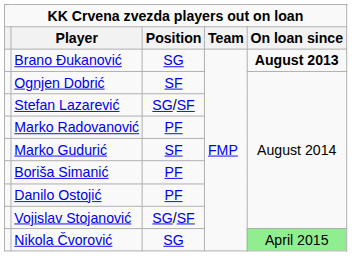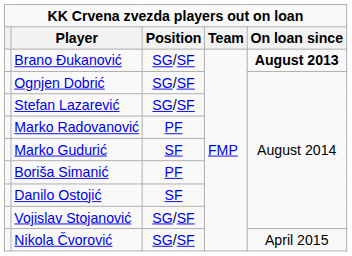 <table class="wikitable sortable" style="font-size: 95%; text-align:center;">
 <tr>
 <td colspan=6><strong>KK Crvena zvezda players out on loan</strong></td>
 </tr>
 <tr>
 <th></th>
 <th>Player</th>
 <th>Position</th>
 <th>Team</th>
 <th>On loan since</th>
 </tr>
 <tr>
 <td></td>
 <td style="text-align:left;"><a href='#'>Brano Đukanović</a></td>
-<td><a href='#'>SG</a></td>
+<td><a href='#'>SG</a>/<a href='#'>SF</a></td>
 <td style="text-align:left;" rowspan=9> <a href='#'>FMP</a></td>
 <td><strong>August 2013</strong></td>
 </tr>
 <tr>
 <td></td>
 <td style="text-align:left;"><a href='#'>Ognjen Dobrić</a></td>
-<td><a href='#'>SF</a></td>
+<td><a href='#'>SG</a>/<a href='#'>SF</a></td>
 <td rowspan=7>August 2014</td>
 </tr>
 <tr>
 <td></td>
 <td style="text-align:left;"><a href='#'>Stefan Lazarević</a></td>
 <td><a href='#'>SG</a>/<a href='#'>SF</a></td>
 </tr>
 <tr>
 <td></td>
 <td style="text-align:left;"><a href='#'>Marko Radovanović</a></td>
 <td><a href='#'>PF</a></td>
 </tr>
 <tr>
 <td></td>
 <td style="text-align:left;"><a href='#'>Marko Gudurić</a></td>
 <td><a href='#'>SF</a></td>
 </tr>
 <tr>
 <td></td>
 <td style="text-align:left;"><a href='#'>Boriša Simanić</a></td>
 <td><a href='#'>PF</a></td>
 </tr>
 <tr>
 <td></td>
 <td style="text-align:left;"><a href='#'>Danilo Ostojić</a></td>
-<td><a href='#'>PF</a></td>
+<td><a href='#'>SF</a></td>
 </tr>
 <tr>
 <td></td>
 <td style="text-align:left;"><a href='#'>Vojislav Stojanović</a></td>
 <td><a href='#'>SG</a>/<a href='#'>SF</a></td>
 </tr>
 <tr>
 <td></td>
 <td style="text-align:left;"><a href='#'>Nikola Čvorović</a></td>
-<td><a href='#'>SG</a></td>
-<td style="background: lightgreen;">April 2015</td>
+<td><a href='#'>SG</a>/<a href='#'>SF</a></td>
+<td>April 2015</td>
 </tr>
 </table>
